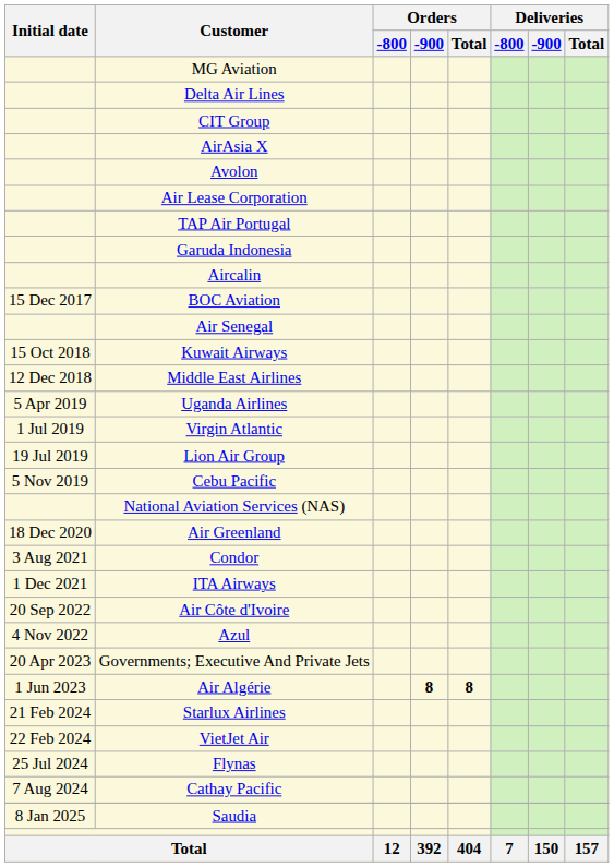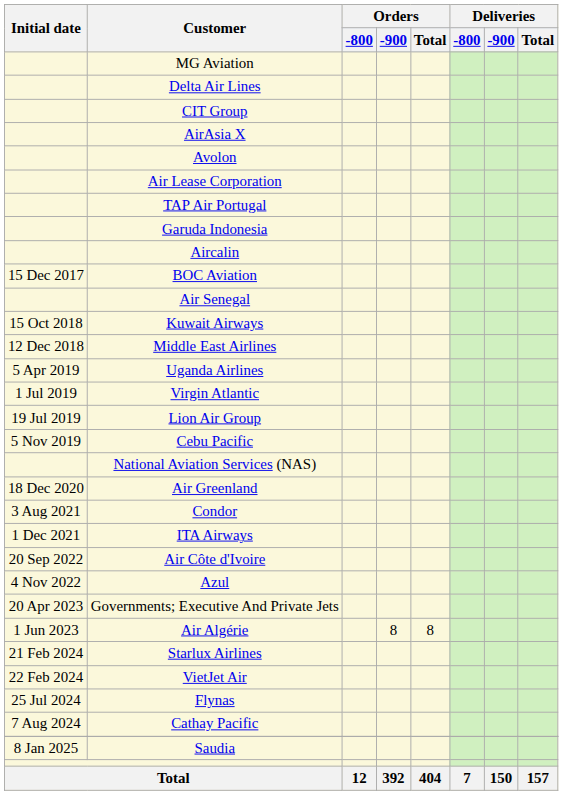 <table class="wikitable sortable" style="text-align:center; background:#fbf8db">
 <tr>
 <th rowspan="2">Initial date</th>
 <th rowspan="2">Customer</th>
 <th colspan="3">Orders</th>
 <th colspan="3">Deliveries</th>
 </tr>
 <tr style="background:#cdf;">
 <th><a href='#'>-800</a></th>
 <th><a href='#'>-900</a></th>
 <th>Total</th>
 <th><a href='#'>-800</a></th>
 <th><a href='#'>-900</a></th>
 <th>Total</th>
 </tr>
 <tr>
 <td></td>
 <td>MG Aviation</td>
 <td></td>
 <td></td>
 <td></td>
 <td style="background:#d0f0c0;"></td>
 <td style="background:#d0f0c0;"></td>
 <td style="background:#d0f0c0;"></td>
 </tr>
 <tr>
 <td></td>
 <td><a href='#'>Delta Air Lines</a></td>
 <td></td>
 <td></td>
 <td></td>
 <td style="background:#d0f0c0;"></td>
 <td style="background:#d0f0c0;"></td>
 <td style="background:#d0f0c0;"></td>
 </tr>
 <tr>
 <td></td>
 <td><a href='#'>CIT Group</a></td>
 <td></td>
 <td></td>
 <td></td>
 <td style="background:#d0f0c0;"></td>
 <td style="background:#d0f0c0;"></td>
 <td style="background:#d0f0c0;"></td>
 </tr>
 <tr>
 <td></td>
 <td><a href='#'>AirAsia X</a></td>
 <td></td>
 <td></td>
 <td></td>
 <td style="background:#d0f0c0;"></td>
 <td style="background:#d0f0c0;"></td>
 <td style="background:#d0f0c0;"></td>
 </tr>
 <tr>
 <td></td>
 <td><a href='#'>Avolon</a></td>
 <td></td>
 <td></td>
 <td></td>
 <td style="background:#d0f0c0;"></td>
 <td style="background:#d0f0c0;"></td>
 <td style="background:#d0f0c0;"></td>
 </tr>
 <tr>
 <td></td>
 <td><a href='#'>Air Lease Corporation</a></td>
 <td></td>
 <td></td>
 <td></td>
 <td style="background:#d0f0c0;"></td>
 <td style="background:#d0f0c0;"></td>
 <td style="background:#d0f0c0;"></td>
 </tr>
 <tr>
 <td></td>
 <td><a href='#'>TAP Air Portugal</a></td>
 <td></td>
 <td></td>
 <td></td>
 <td style="background:#d0f0c0;"></td>
 <td style="background:#d0f0c0;"></td>
 <td style="background:#d0f0c0;"></td>
 </tr>
 <tr>
 <td></td>
 <td><a href='#'>Garuda Indonesia</a></td>
 <td></td>
 <td></td>
 <td></td>
 <td style="background:#d0f0c0;"></td>
 <td style="background:#d0f0c0;"></td>
 <td style="background:#d0f0c0;"></td>
 </tr>
 <tr>
 <td></td>
 <td><a href='#'>Aircalin</a></td>
 <td></td>
 <td></td>
 <td></td>
 <td style="background:#d0f0c0;"></td>
 <td style="background:#d0f0c0;"></td>
 <td style="background:#d0f0c0;"></td>
 </tr>
 <tr>
 <td>15 Dec 2017</td>
 <td><a href='#'>BOC Aviation</a></td>
 <td></td>
 <td></td>
 <td></td>
 <td style="background:#d0f0c0;"></td>
 <td style="background:#d0f0c0;"></td>
 <td style="background:#d0f0c0;"></td>
 </tr>
 <tr>
 <td></td>
 <td><a href='#'>Air Senegal</a></td>
 <td></td>
 <td></td>
 <td></td>
 <td style="background:#d0f0c0;"></td>
 <td style="background:#d0f0c0;"></td>
 <td style="background:#d0f0c0;"></td>
 </tr>
 <tr>
 <td>15 Oct 2018</td>
 <td><a href='#'>Kuwait Airways</a></td>
 <td></td>
 <td></td>
 <td></td>
 <td style="background:#d0f0c0;"></td>
 <td style="background:#d0f0c0;"></td>
 <td style="background:#d0f0c0;"></td>
 </tr>
 <tr>
 <td>12 Dec 2018</td>
 <td><a href='#'>Middle East Airlines</a></td>
 <td></td>
 <td></td>
 <td></td>
 <td style="background:#d0f0c0;"></td>
 <td style="background:#d0f0c0;"></td>
 <td style="background:#d0f0c0;"></td>
 </tr>
 <tr>
 <td>5 Apr 2019</td>
 <td><a href='#'>Uganda Airlines</a></td>
 <td></td>
 <td></td>
 <td></td>
 <td style="background:#d0f0c0;"></td>
 <td style="background:#d0f0c0;"></td>
 <td style="background:#d0f0c0;"></td>
 </tr>
 <tr>
 <td>1 Jul 2019</td>
 <td><a href='#'>Virgin Atlantic</a></td>
 <td></td>
 <td></td>
 <td></td>
 <td style="background:#d0f0c0;"></td>
 <td style="background:#d0f0c0;"></td>
 <td style="background:#d0f0c0;"></td>
 </tr>
 <tr>
 <td>19 Jul 2019</td>
 <td><a href='#'>Lion Air Group</a></td>
 <td></td>
 <td></td>
 <td></td>
 <td style="background:#d0f0c0;"></td>
 <td style="background:#d0f0c0;"></td>
 <td style="background:#d0f0c0;"></td>
 </tr>
 <tr>
 <td>5 Nov 2019</td>
 <td><a href='#'>Cebu Pacific</a></td>
 <td></td>
 <td></td>
 <td></td>
 <td style="background:#d0f0c0;"></td>
 <td style="background:#d0f0c0;"></td>
 <td style="background:#d0f0c0;"></td>
 </tr>
 <tr>
 <td><br></td>
 <td><a href='#'>National Aviation Services</a> (NAS)</td>
 <td></td>
 <td></td>
 <td></td>
 <td style="background:#d0f0c0;"></td>
 <td style="background:#d0f0c0;"></td>
 <td style="background:#d0f0c0;"></td>
 </tr>
 <tr>
 <td>18 Dec 2020</td>
 <td><a href='#'>Air Greenland</a></td>
 <td></td>
 <td></td>
 <td></td>
 <td style="background:#d0f0c0;"></td>
 <td style="background:#d0f0c0;"></td>
 <td style="background:#d0f0c0;"></td>
 </tr>
 <tr>
 <td>3 Aug 2021</td>
 <td><a href='#'>Condor</a></td>
 <td></td>
 <td></td>
 <td></td>
 <td style="background:#d0f0c0;"></td>
 <td style="background:#d0f0c0;"></td>
 <td style="background:#d0f0c0;"></td>
 </tr>
 <tr>
 <td>1 Dec 2021</td>
 <td><a href='#'>ITA Airways</a></td>
 <td></td>
 <td></td>
 <td></td>
 <td style="background:#d0f0c0;"></td>
 <td style="background:#d0f0c0;"></td>
 <td style="background:#d0f0c0;"></td>
 </tr>
 <tr>
 <td>20 Sep 2022</td>
 <td><a href='#'>Air Côte d'Ivoire</a></td>
 <td></td>
 <td></td>
 <td></td>
 <td style="background:#d0f0c0;"></td>
 <td style="background:#d0f0c0;"></td>
 <td style="background:#d0f0c0;"></td>
 </tr>
 <tr>
 <td>4 Nov 2022</td>
 <td><a href='#'>Azul</a></td>
 <td></td>
 <td></td>
 <td></td>
 <td style="background:#d0f0c0;"></td>
 <td style="background:#d0f0c0;"></td>
 <td style="background:#d0f0c0;"></td>
 </tr>
 <tr>
 <td>20 Apr 2023</td>
 <td>Governments; Executive And Private Jets</td>
 <td></td>
 <td></td>
 <td></td>
 <td style="background:#d0f0c0;"></td>
 <td style="background:#d0f0c0;"></td>
 <td style="background:#d0f0c0;"></td>
 </tr>
 <tr>
 <td>1 Jun 2023</td>
 <td><a href='#'>Air Algérie</a></td>
 <td></td>
-<td><strong>8</strong></td>
-<td><strong>8</strong></td>
+<td>8</td>
+<td>8</td>
 <td style="background:#d0f0c0;"></td>
 <td style="background:#d0f0c0;"></td>
 <td style="background:#d0f0c0;"></td>
 </tr>
 <tr>
 <td>21 Feb 2024</td>
 <td><a href='#'>Starlux Airlines</a></td>
 <td></td>
 <td></td>
 <td></td>
 <td style="background:#d0f0c0;"></td>
 <td style="background:#d0f0c0;"></td>
 <td style="background:#d0f0c0;"></td>
 </tr>
 <tr>
 <td>22 Feb 2024</td>
 <td><a href='#'>VietJet Air</a></td>
 <td></td>
 <td></td>
 <td></td>
 <td style="background:#d0f0c0;"></td>
 <td style="background:#d0f0c0;"></td>
 <td style="background:#d0f0c0;"></td>
 </tr>
 <tr>
 <td>25 Jul 2024</td>
 <td><a href='#'>Flynas</a></td>
 <td></td>
 <td></td>
 <td></td>
 <td style="background:#d0f0c0;"></td>
 <td style="background:#d0f0c0;"></td>
 <td style="background:#d0f0c0;"></td>
 </tr>
 <tr>
 <td>7 Aug 2024</td>
 <td><a href='#'>Cathay Pacific</a></td>
 <td></td>
 <td></td>
 <td></td>
 <td style="background:#d0f0c0;"></td>
 <td style="background:#d0f0c0;"></td>
 <td style="background:#d0f0c0;"></td>
 </tr>
 <tr>
 </tr>
 <tr>
 <td>8 Jan 2025</td>
 <td><a href='#'>Saudia</a></td>
 <td></td>
 <td></td>
 <td></td>
 <td style="background:#d0f0c0;"></td>
 <td style="background:#d0f0c0;"></td>
 <td style="background:#d0f0c0;"></td>
 </tr>
 <tr>
 <td colspan="2"></td>
 <td></td>
 <td></td>
 <td></td>
 <td style="background:#d0f0c0;"></td>
 <td style="background:#d0f0c0;"></td>
 <td style="background:#d0f0c0;"></td>
 </tr>
 <tr>
 <th colspan="2">Total</th>
 <th>12</th>
 <th>392</th>
 <th>404</th>
 <th>7</th>
 <th>150</th>
 <th>157</th>
 </tr>
 </table>
